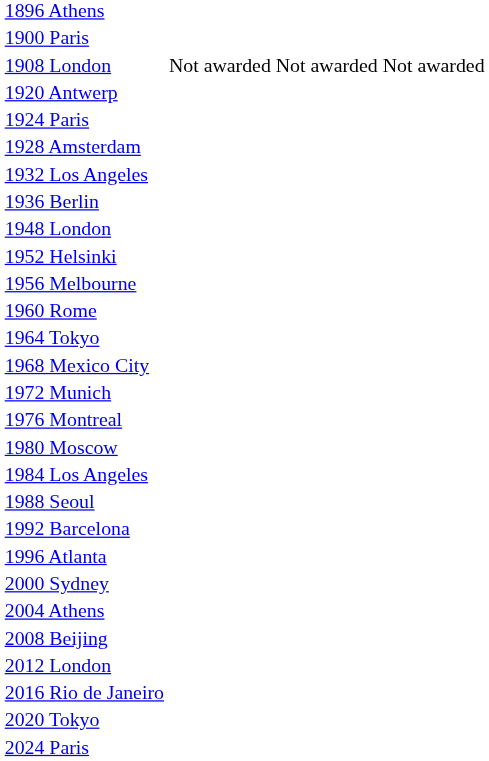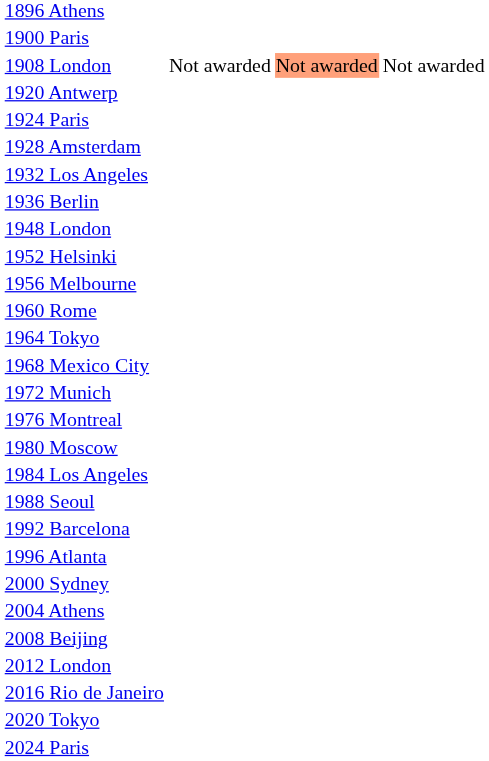 <table>
 <tr>
 <td><a href='#'>1896 Athens</a><br></td>
 <td></td>
 <td></td>
 <td></td>
 </tr>
 <tr>
 <td><a href='#'>1900 Paris</a><br></td>
 <td></td>
 <td></td>
 <td></td>
 </tr>
 <tr>
 <td><a href='#'>1908 London</a><br></td>
 <td>Not awarded</td>
-<td>Not awarded</td>
+<td style="background: lightsalmon;">Not awarded</td>
 <td>Not awarded</td>
 </tr>
 <tr>
 <td><a href='#'>1920 Antwerp</a><br></td>
 <td></td>
 <td></td>
 <td></td>
 </tr>
 <tr>
 <td><a href='#'>1924 Paris</a><br></td>
 <td></td>
 <td></td>
 <td></td>
 </tr>
 <tr>
 <td><a href='#'>1928 Amsterdam</a><br></td>
 <td></td>
 <td></td>
 <td></td>
 </tr>
 <tr>
 <td><a href='#'>1932 Los Angeles</a><br></td>
 <td></td>
 <td></td>
 <td></td>
 </tr>
 <tr>
 <td><a href='#'>1936 Berlin</a><br></td>
 <td></td>
 <td></td>
 <td></td>
 </tr>
 <tr>
 <td><a href='#'>1948 London</a><br></td>
 <td></td>
 <td></td>
 <td></td>
 </tr>
 <tr>
 <td><a href='#'>1952 Helsinki</a><br></td>
 <td></td>
 <td></td>
 <td></td>
 </tr>
 <tr>
 <td><a href='#'>1956 Melbourne</a><br></td>
 <td></td>
 <td></td>
 <td></td>
 </tr>
 <tr>
 <td><a href='#'>1960 Rome</a><br></td>
 <td></td>
 <td></td>
 <td></td>
 </tr>
 <tr>
 <td><a href='#'>1964 Tokyo</a><br></td>
 <td></td>
 <td></td>
 <td></td>
 </tr>
 <tr>
 <td><a href='#'>1968 Mexico City</a><br></td>
 <td></td>
 <td></td>
 <td></td>
 </tr>
 <tr>
 <td><a href='#'>1972 Munich</a><br></td>
 <td></td>
 <td></td>
 <td></td>
 </tr>
 <tr>
 <td><a href='#'>1976 Montreal</a><br></td>
 <td></td>
 <td></td>
 <td></td>
 </tr>
 <tr>
 <td><a href='#'>1980 Moscow</a><br></td>
 <td></td>
 <td></td>
 <td></td>
 </tr>
 <tr>
 <td><a href='#'>1984 Los Angeles</a><br></td>
 <td></td>
 <td></td>
 <td></td>
 </tr>
 <tr>
 <td><a href='#'>1988 Seoul</a><br></td>
 <td></td>
 <td></td>
 <td></td>
 </tr>
 <tr>
 <td><a href='#'>1992 Barcelona</a><br></td>
 <td></td>
 <td></td>
 <td></td>
 </tr>
 <tr>
 <td><a href='#'>1996 Atlanta</a><br></td>
 <td></td>
 <td></td>
 <td></td>
 </tr>
 <tr>
 <td><a href='#'>2000 Sydney</a><br></td>
 <td></td>
 <td></td>
 <td></td>
 </tr>
 <tr>
 <td><a href='#'>2004 Athens</a><br></td>
 <td></td>
 <td></td>
 <td></td>
 </tr>
 <tr>
 <td><a href='#'>2008 Beijing</a><br></td>
 <td></td>
 <td></td>
 <td></td>
 </tr>
 <tr>
 <td><a href='#'>2012 London</a><br></td>
 <td></td>
 <td></td>
 <td></td>
 </tr>
 <tr>
 <td><a href='#'>2016 Rio de Janeiro</a><br></td>
 <td></td>
 <td></td>
 <td></td>
 </tr>
 <tr>
 <td><a href='#'>2020 Tokyo</a><br></td>
 <td></td>
 <td></td>
 <td></td>
 </tr>
 <tr>
 <td><a href='#'>2024 Paris</a><br></td>
 <td></td>
 <td></td>
 <td></td>
 </tr>
 </table>
